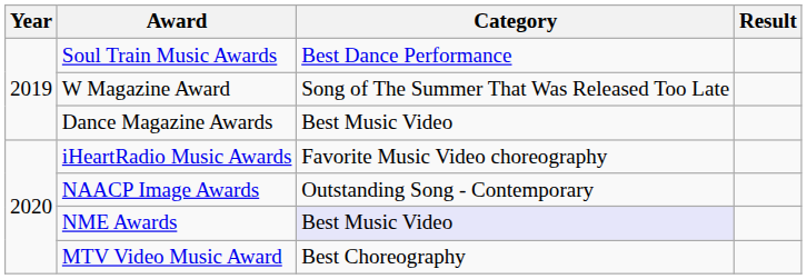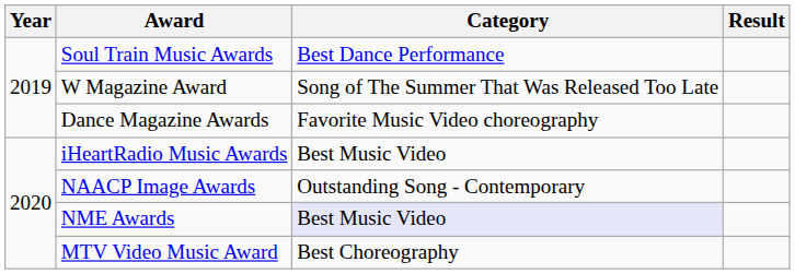 <table class="wikitable">
 <tr>
 <th scope="col">Year</th>
 <th scope="col">Award</th>
 <th>Category</th>
 <th scope="col">Result</th>
 </tr>
 <tr>
 <td rowspan="3">2019</td>
 <td><a href='#'>Soul Train Music Awards</a></td>
 <td><a href='#'>Best Dance Performance</a></td>
 <td></td>
 </tr>
 <tr>
 <td>W Magazine Award</td>
 <td>Song of The Summer That Was Released Too Late</td>
 <td></td>
 </tr>
 <tr>
 <td>Dance Magazine Awards</td>
-<td>Best Music Video</td>
+<td>Favorite Music Video choreography</td>
 <td></td>
 </tr>
 <tr>
 <td rowspan="4">2020</td>
 <td><a href='#'>iHeartRadio Music Awards</a></td>
-<td>Favorite Music Video choreography</td>
+<td>Best Music Video</td>
 <td></td>
 </tr>
 <tr>
 <td><a href='#'>NAACP Image Awards</a></td>
 <td>Outstanding Song - Contemporary</td>
 <td></td>
 </tr>
 <tr>
 <td><a href='#'>NME Awards</a></td>
 <td style="background: lavender;">Best Music Video</td>
 <td></td>
 </tr>
 <tr>
 <td><a href='#'>MTV Video Music Award</a></td>
 <td>Best Choreography</td>
 <td></td>
 </tr>
 </table>
